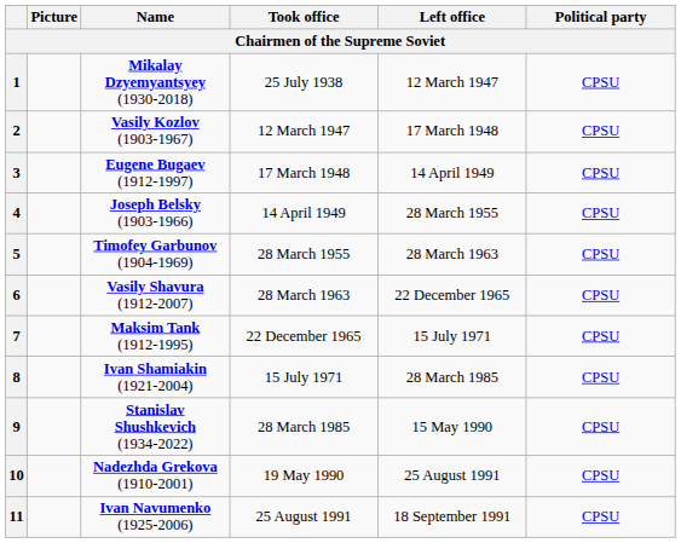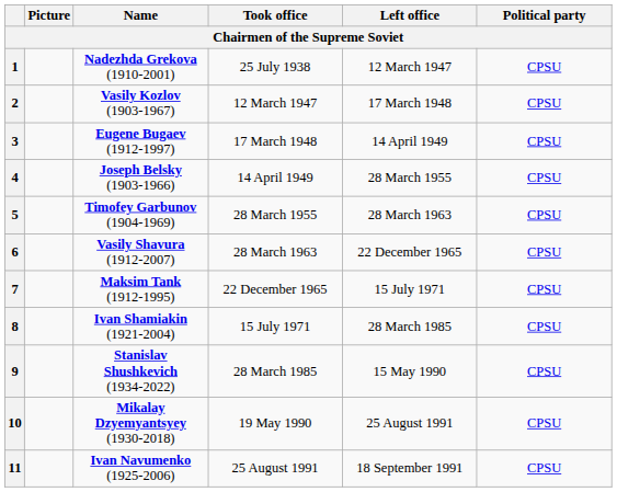 <table class="wikitable" style="text-align:center">
 <tr>
 <th></th>
 <th>Picture</th>
 <th width="150">Name<br></th>
 <th width="150">Took office</th>
 <th width="150">Left office</th>
 <th width="150">Political party</th>
 </tr>
 <tr>
 <th colspan="6" align="center">Chairmen of the Supreme Soviet</th>
 </tr>
 <tr>
 <th style="background:">1</th>
 <td></td>
-<td><strong><a href='#'>Mikalay Dzyemyantsyey</a></strong><br>(1930-2018)</td>
+<td><strong><a href='#'>Nadezhda Grekova</a></strong><br>(1910-2001)</td>
 <td>25 July 1938</td>
 <td>12 March 1947</td>
 <td><a href='#'>CPSU</a></td>
 </tr>
 <tr>
 <th style="background:">2</th>
 <td></td>
 <td><strong><a href='#'>Vasily Kozlov</a></strong><br>(1903-1967)</td>
 <td>12 March 1947</td>
 <td>17 March 1948</td>
 <td><a href='#'>CPSU</a></td>
 </tr>
 <tr>
 <th style="background:">3</th>
 <td></td>
 <td><strong><a href='#'>Eugene Bugaev</a></strong><br>(1912-1997)</td>
 <td>17 March 1948</td>
 <td>14 April 1949</td>
 <td><a href='#'>CPSU</a></td>
 </tr>
 <tr>
 <th style="background:">4</th>
 <td></td>
 <td><strong><a href='#'>Joseph Belsky</a></strong><br>(1903-1966)</td>
 <td>14 April 1949</td>
 <td>28 March 1955</td>
 <td><a href='#'>CPSU</a></td>
 </tr>
 <tr>
 <th style="background:">5</th>
 <td></td>
 <td><strong><a href='#'>Timofey Garbunov</a></strong><br>(1904-1969)</td>
 <td>28 March 1955</td>
 <td>28 March 1963</td>
 <td><a href='#'>CPSU</a></td>
 </tr>
 <tr>
 <th style="background:">6</th>
 <td></td>
 <td><strong><a href='#'>Vasily Shavura</a></strong><br>(1912-2007)</td>
 <td>28 March 1963</td>
 <td>22 December 1965</td>
 <td><a href='#'>CPSU</a></td>
 </tr>
 <tr>
 <th style="background:">7</th>
 <td></td>
 <td><strong><a href='#'>Maksim Tank</a></strong><br>(1912-1995)</td>
 <td>22 December 1965</td>
 <td>15 July 1971</td>
 <td><a href='#'>CPSU</a></td>
 </tr>
 <tr>
 <th style="background:">8</th>
 <td></td>
 <td><strong><a href='#'>Ivan Shamiakin</a></strong><br>(1921-2004)</td>
 <td>15 July 1971</td>
 <td>28 March 1985</td>
 <td><a href='#'>CPSU</a></td>
 </tr>
 <tr>
 <th style="background:">9</th>
 <td></td>
 <td><strong><a href='#'>Stanislav Shushkevich</a></strong><br>(1934-2022)</td>
 <td>28 March 1985</td>
 <td>15 May 1990</td>
 <td><a href='#'>CPSU</a></td>
 </tr>
 <tr>
 <th style="background:">10</th>
 <td></td>
-<td><strong><a href='#'>Nadezhda Grekova</a></strong><br>(1910-2001)</td>
+<td><strong><a href='#'>Mikalay Dzyemyantsyey</a></strong><br>(1930-2018)</td>
 <td>19 May 1990</td>
 <td>25 August 1991</td>
 <td><a href='#'>CPSU</a></td>
 </tr>
 <tr>
 <th style="background:">11</th>
 <td></td>
 <td><strong><a href='#'>Ivan Navumenko</a></strong><br>(1925-2006)</td>
 <td>25 August 1991</td>
 <td>18 September 1991</td>
 <td><a href='#'>CPSU</a></td>
 </tr>
 </table>
